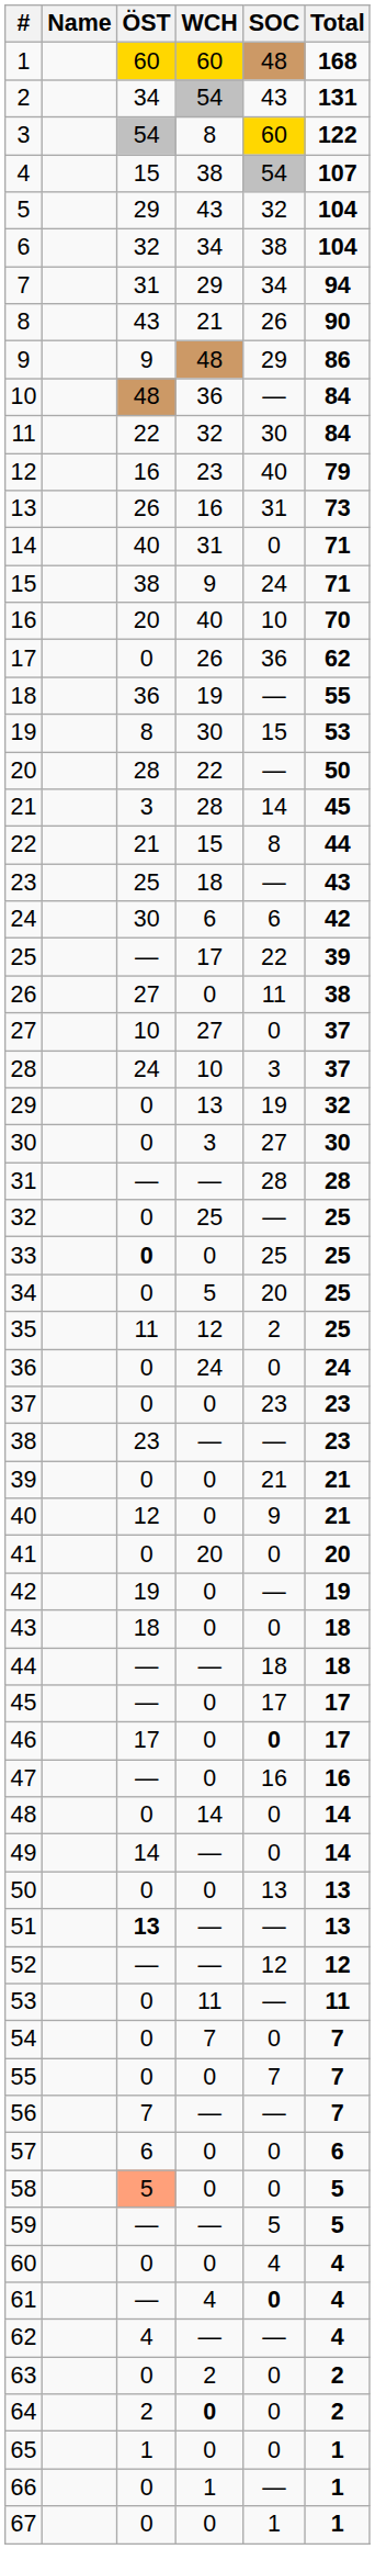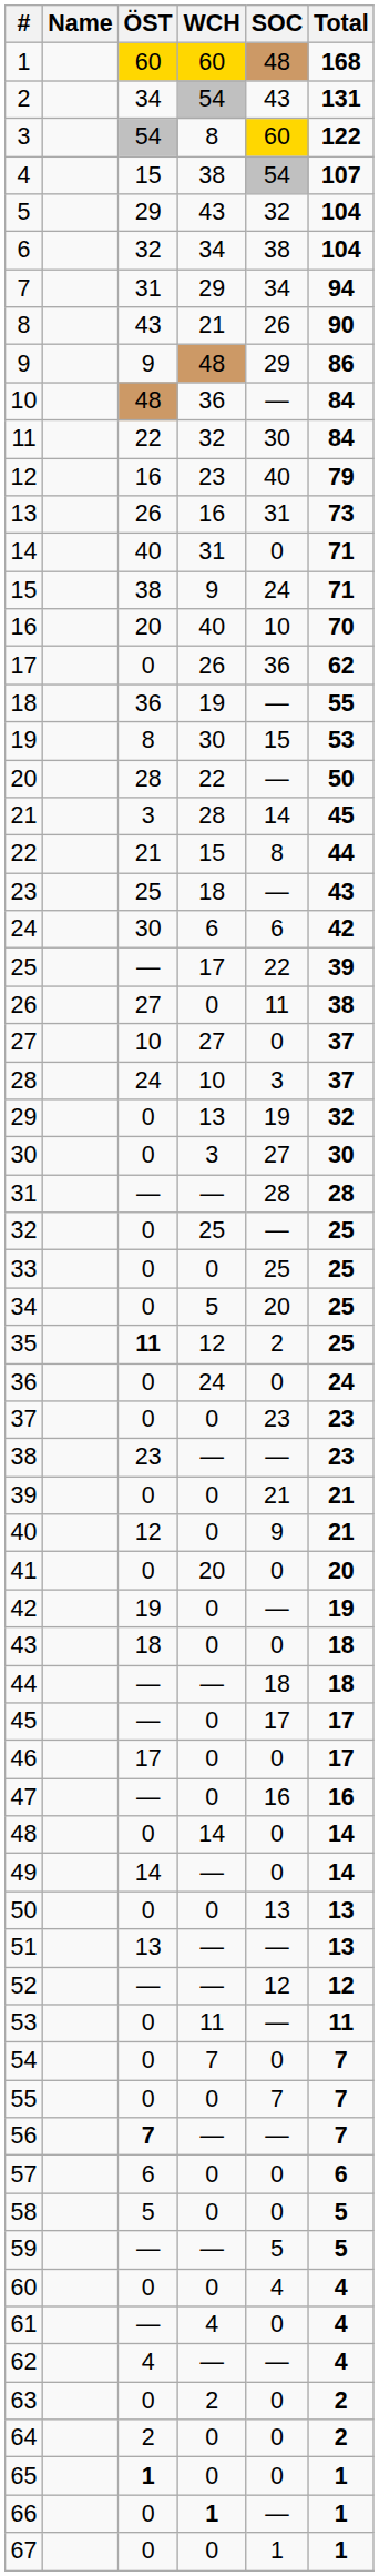 <table class="wikitable sortable" style="text-align:center;">
 <tr>
 <th>#</th>
 <th>Name</th>
 <th>ÖST</th>
 <th>WCH</th>
 <th>SOC</th>
 <th>Total</th>
 </tr>
 <tr>
 <td>1</td>
 <td align="left"></td>
 <td bgcolor="gold">60</td>
 <td bgcolor="gold">60</td>
 <td bgcolor=CC9966>48</td>
 <td><strong>168</strong></td>
 </tr>
 <tr>
 <td>2</td>
 <td align="left"></td>
 <td>34</td>
 <td bgcolor="silver">54</td>
 <td>43</td>
 <td><strong>131</strong></td>
 </tr>
 <tr>
 <td>3</td>
 <td align="left"></td>
 <td bgcolor="silver">54</td>
 <td>8</td>
 <td bgcolor="gold">60</td>
 <td><strong>122</strong></td>
 </tr>
 <tr>
 <td>4</td>
 <td align="left"></td>
 <td>15</td>
 <td>38</td>
 <td bgcolor="silver">54</td>
 <td><strong>107</strong></td>
 </tr>
 <tr>
 <td>5</td>
 <td align="left"></td>
 <td>29</td>
 <td>43</td>
 <td>32</td>
 <td><strong>104</strong></td>
 </tr>
 <tr>
 <td>6</td>
 <td align="left"></td>
 <td>32</td>
 <td>34</td>
 <td>38</td>
 <td><strong>104</strong></td>
 </tr>
 <tr>
 <td>7</td>
 <td align="left"></td>
 <td>31</td>
 <td>29</td>
 <td>34</td>
 <td><strong>94</strong></td>
 </tr>
 <tr>
 <td>8</td>
 <td align="left"></td>
 <td>43</td>
 <td>21</td>
 <td>26</td>
 <td><strong>90</strong></td>
 </tr>
 <tr>
 <td>9</td>
 <td align="left"></td>
 <td>9</td>
 <td bgcolor=CC9966>48</td>
 <td>29</td>
 <td><strong>86</strong></td>
 </tr>
 <tr>
 <td>10</td>
 <td align="left"></td>
 <td bgcolor=CC9966>48</td>
 <td>36</td>
 <td>—</td>
 <td><strong>84</strong></td>
 </tr>
 <tr>
 <td>11</td>
 <td align="left"></td>
 <td>22</td>
 <td>32</td>
 <td>30</td>
 <td><strong>84</strong></td>
 </tr>
 <tr>
 <td>12</td>
 <td align="left"></td>
 <td>16</td>
 <td>23</td>
 <td>40</td>
 <td><strong>79</strong></td>
 </tr>
 <tr>
 <td>13</td>
 <td align="left"></td>
 <td>26</td>
 <td>16</td>
 <td>31</td>
 <td><strong>73</strong></td>
 </tr>
 <tr>
 <td>14</td>
 <td align="left"></td>
 <td>40</td>
 <td>31</td>
 <td>0</td>
 <td><strong>71</strong></td>
 </tr>
 <tr>
 <td>15</td>
 <td align="left"></td>
 <td>38</td>
 <td>9</td>
 <td>24</td>
 <td><strong>71</strong></td>
 </tr>
 <tr>
 <td>16</td>
 <td align="left"></td>
 <td>20</td>
 <td>40</td>
 <td>10</td>
 <td><strong>70</strong></td>
 </tr>
 <tr>
 <td>17</td>
 <td align="left"></td>
 <td>0</td>
 <td>26</td>
 <td>36</td>
 <td><strong>62</strong></td>
 </tr>
 <tr>
 <td>18</td>
 <td align="left"></td>
 <td>36</td>
 <td>19</td>
 <td>—</td>
 <td><strong>55</strong></td>
 </tr>
 <tr>
 <td>19</td>
 <td align="left"></td>
 <td>8</td>
 <td>30</td>
 <td>15</td>
 <td><strong>53</strong></td>
 </tr>
 <tr>
 <td>20</td>
 <td align="left"></td>
 <td>28</td>
 <td>22</td>
 <td>—</td>
 <td><strong>50</strong></td>
 </tr>
 <tr>
 <td>21</td>
 <td align="left"></td>
 <td>3</td>
 <td>28</td>
 <td>14</td>
 <td><strong>45</strong></td>
 </tr>
 <tr>
 <td>22</td>
 <td align="left"></td>
 <td>21</td>
 <td>15</td>
 <td>8</td>
 <td><strong>44</strong></td>
 </tr>
 <tr>
 <td>23</td>
 <td align="left"></td>
 <td>25</td>
 <td>18</td>
 <td>—</td>
 <td><strong>43</strong></td>
 </tr>
 <tr>
 <td>24</td>
 <td align="left"></td>
 <td>30</td>
 <td>6</td>
 <td>6</td>
 <td><strong>42</strong></td>
 </tr>
 <tr>
 <td>25</td>
 <td align="left"></td>
 <td>—</td>
 <td>17</td>
 <td>22</td>
 <td><strong>39</strong></td>
 </tr>
 <tr>
 <td>26</td>
 <td align="left"></td>
 <td>27</td>
 <td>0</td>
 <td>11</td>
 <td><strong>38</strong></td>
 </tr>
 <tr>
 <td>27</td>
 <td align="left"></td>
 <td>10</td>
 <td>27</td>
 <td>0</td>
 <td><strong>37</strong></td>
 </tr>
 <tr>
 <td>28</td>
 <td align="left"></td>
 <td>24</td>
 <td>10</td>
 <td>3</td>
 <td><strong>37</strong></td>
 </tr>
 <tr>
 <td>29</td>
 <td align="left"></td>
 <td>0</td>
 <td>13</td>
 <td>19</td>
 <td><strong>32</strong></td>
 </tr>
 <tr>
 <td>30</td>
 <td align="left"></td>
 <td>0</td>
 <td>3</td>
 <td>27</td>
 <td><strong>30</strong></td>
 </tr>
 <tr>
 <td>31</td>
 <td align="left"></td>
 <td>—</td>
 <td>—</td>
 <td>28</td>
 <td><strong>28</strong></td>
 </tr>
 <tr>
 <td>32</td>
 <td align="left"></td>
 <td>0</td>
 <td>25</td>
 <td>—</td>
 <td><strong>25</strong></td>
 </tr>
 <tr>
 <td>33</td>
 <td align="left"></td>
-<td><strong>0</strong></td>
+<td>0</td>
 <td>0</td>
 <td>25</td>
 <td><strong>25</strong></td>
 </tr>
 <tr>
 <td>34</td>
 <td align="left"></td>
 <td>0</td>
 <td>5</td>
 <td>20</td>
 <td><strong>25</strong></td>
 </tr>
 <tr>
 <td>35</td>
 <td align="left"></td>
-<td>11</td>
+<td><strong>11</strong></td>
 <td>12</td>
 <td>2</td>
 <td><strong>25</strong></td>
 </tr>
 <tr>
 <td>36</td>
 <td align="left"></td>
 <td>0</td>
 <td>24</td>
 <td>0</td>
 <td><strong>24</strong></td>
 </tr>
 <tr>
 <td>37</td>
 <td align="left"></td>
 <td>0</td>
 <td>0</td>
 <td>23</td>
 <td><strong>23</strong></td>
 </tr>
 <tr>
 <td>38</td>
 <td align="left"></td>
 <td>23</td>
 <td>—</td>
 <td>—</td>
 <td><strong>23</strong></td>
 </tr>
 <tr>
 <td>39</td>
 <td align="left"></td>
 <td>0</td>
 <td>0</td>
 <td>21</td>
 <td><strong>21</strong></td>
 </tr>
 <tr>
 <td>40</td>
 <td align="left"></td>
 <td>12</td>
 <td>0</td>
 <td>9</td>
 <td><strong>21</strong></td>
 </tr>
 <tr>
 <td>41</td>
 <td align="left"></td>
 <td>0</td>
 <td>20</td>
 <td>0</td>
 <td><strong>20</strong></td>
 </tr>
 <tr>
 <td>42</td>
 <td align="left"></td>
 <td>19</td>
 <td>0</td>
 <td>—</td>
 <td><strong>19</strong></td>
 </tr>
 <tr>
 <td>43</td>
 <td align="left"></td>
 <td>18</td>
 <td>0</td>
 <td>0</td>
 <td><strong>18</strong></td>
 </tr>
 <tr>
 <td>44</td>
 <td align="left"></td>
 <td>—</td>
 <td>—</td>
 <td>18</td>
 <td><strong>18</strong></td>
 </tr>
 <tr>
 <td>45</td>
 <td align="left"></td>
 <td>—</td>
 <td>0</td>
 <td>17</td>
 <td><strong>17</strong></td>
 </tr>
 <tr>
 <td>46</td>
 <td align="left"></td>
 <td>17</td>
 <td>0</td>
-<td><strong>0</strong></td>
+<td>0</td>
 <td><strong>17</strong></td>
 </tr>
 <tr>
 <td>47</td>
 <td align="left"></td>
 <td>—</td>
 <td>0</td>
 <td>16</td>
 <td><strong>16</strong></td>
 </tr>
 <tr>
 <td>48</td>
 <td align="left"></td>
 <td>0</td>
 <td>14</td>
 <td>0</td>
 <td><strong>14</strong></td>
 </tr>
 <tr>
 <td>49</td>
 <td align="left"></td>
 <td>14</td>
 <td>—</td>
 <td>0</td>
 <td><strong>14</strong></td>
 </tr>
 <tr>
 <td>50</td>
 <td align="left"></td>
 <td>0</td>
 <td>0</td>
 <td>13</td>
 <td><strong>13</strong></td>
 </tr>
 <tr>
 <td>51</td>
 <td align="left"></td>
-<td><strong>13</strong></td>
+<td>13</td>
 <td>—</td>
 <td>—</td>
 <td><strong>13</strong></td>
 </tr>
 <tr>
 <td>52</td>
 <td align="left"></td>
 <td>—</td>
 <td>—</td>
 <td>12</td>
 <td><strong>12</strong></td>
 </tr>
 <tr>
 <td>53</td>
 <td align="left"></td>
 <td>0</td>
 <td>11</td>
 <td>—</td>
 <td><strong>11</strong></td>
 </tr>
 <tr>
 <td>54</td>
 <td align="left"></td>
 <td>0</td>
 <td>7</td>
 <td>0</td>
 <td><strong>7</strong></td>
 </tr>
 <tr>
 <td>55</td>
 <td align="left"></td>
 <td>0</td>
 <td>0</td>
 <td>7</td>
 <td><strong>7</strong></td>
 </tr>
 <tr>
 <td>56</td>
 <td align="left"></td>
-<td>7</td>
+<td><strong>7</strong></td>
 <td>—</td>
 <td>—</td>
 <td><strong>7</strong></td>
 </tr>
 <tr>
 <td>57</td>
 <td align="left"></td>
 <td>6</td>
 <td>0</td>
 <td>0</td>
 <td><strong>6</strong></td>
 </tr>
 <tr>
 <td>58</td>
 <td align="left"></td>
-<td style="background: lightsalmon;">5</td>
+<td>5</td>
 <td>0</td>
 <td>0</td>
 <td><strong>5</strong></td>
 </tr>
 <tr>
 <td>59</td>
 <td align="left"></td>
 <td>—</td>
 <td>—</td>
 <td>5</td>
 <td><strong>5</strong></td>
 </tr>
 <tr>
 <td>60</td>
 <td align="left"></td>
 <td>0</td>
 <td>0</td>
 <td>4</td>
 <td><strong>4</strong></td>
 </tr>
 <tr>
 <td>61</td>
 <td align="left"></td>
 <td>—</td>
 <td>4</td>
-<td><strong>0</strong></td>
+<td>0</td>
 <td><strong>4</strong></td>
 </tr>
 <tr>
 <td>62</td>
 <td align="left"></td>
 <td>4</td>
 <td>—</td>
 <td>—</td>
 <td><strong>4</strong></td>
 </tr>
 <tr>
 <td>63</td>
 <td align="left"></td>
 <td>0</td>
 <td>2</td>
 <td>0</td>
 <td><strong>2</strong></td>
 </tr>
 <tr>
 <td>64</td>
 <td align="left"></td>
 <td>2</td>
-<td><strong>0</strong></td>
+<td>0</td>
 <td>0</td>
 <td><strong>2</strong></td>
 </tr>
 <tr>
 <td>65</td>
 <td align="left"></td>
-<td>1</td>
+<td><strong>1</strong></td>
 <td>0</td>
 <td>0</td>
 <td><strong>1</strong></td>
 </tr>
 <tr>
 <td>66</td>
 <td align="left"></td>
 <td>0</td>
-<td>1</td>
+<td><strong>1</strong></td>
 <td>—</td>
 <td><strong>1</strong></td>
 </tr>
 <tr>
 <td>67</td>
 <td align="left"></td>
 <td>0</td>
 <td>0</td>
 <td>1</td>
 <td><strong>1</strong></td>
 </tr>
 <tr>
 </tr>
 </table>
